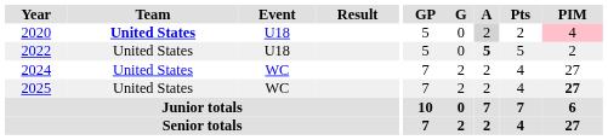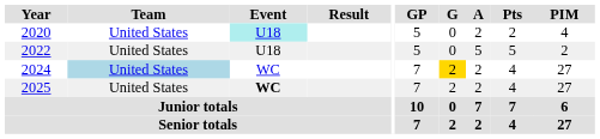 <table border="0" cellpadding="1" cellspacing="0" ID="Table3" style="text-align:center; width:40em">
 <tr ALIGN="center" bgcolor="#e0e0e0">
 <th>Year</th>
 <th>Team</th>
 <th>Event</th>
 <th>Result</th>
 <th rowspan="99" bgcolor="#ffffff"></th>
 <th>GP</th>
 <th>G</th>
 <th>A</th>
 <th>Pts</th>
 <th>PIM</th>
 </tr>
 <tr>
 <td><a href='#'>2020</a></td>
-<td><strong><a href='#'>United States</a></strong></td>
-<td><a href='#'>U18</a></td>
+<td><a href='#'>United States</a></td>
+<td style="background: paleturquoise;"><a href='#'>U18</a></td>
 <td></td>
 <td>5</td>
 <td>0</td>
-<td style="background: lightgrey;">2</td>
 <td>2</td>
-<td style="background: pink;">4</td>
+<td>2</td>
+<td>4</td>
 </tr>
 <tr bgcolor="#f0f0f0">
 <td><a href='#'>2022</a></td>
 <td>United States</td>
 <td>U18</td>
 <td></td>
 <td>5</td>
 <td>0</td>
-<td><strong>5</strong></td>
+<td>5</td>
 <td>5</td>
 <td>2</td>
 </tr>
 <tr>
 <td><a href='#'>2024</a></td>
-<td><a href='#'>United States</a></td>
+<td style="background: lightblue;"><a href='#'>United States</a></td>
 <td><a href='#'>WC</a></td>
 <td></td>
 <td>7</td>
-<td>2</td>
+<td style="background: gold;">2</td>
 <td>2</td>
 <td>4</td>
 <td>27</td>
 </tr>
 <tr bgcolor="#f0f0f0">
 <td><a href='#'>2025</a></td>
 <td>United States</td>
-<td>WC</td>
+<td><strong>WC</strong></td>
 <td></td>
 <td>7</td>
 <td>2</td>
 <td>2</td>
 <td>4</td>
-<td><strong>27</strong></td>
+<td>27</td>
 </tr>
 <tr bgcolor="#e0e0e0">
 <th colspan="4">Junior totals</th>
 <th>10</th>
 <th>0</th>
 <th>7</th>
 <th>7</th>
 <th>6</th>
 </tr>
 <tr bgcolor="#e0e0e0">
 <th colspan="4">Senior totals</th>
 <th>7</th>
 <th>2</th>
 <th>2</th>
 <th>4</th>
 <th>27</th>
 </tr>
 </table>
